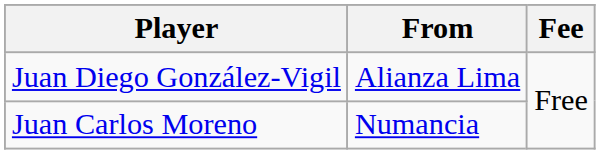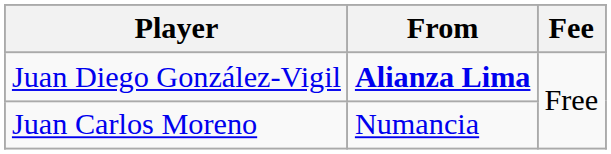 <table class="wikitable">
 <tr>
 <th>Player</th>
 <th>From</th>
 <th>Fee</th>
 </tr>
 <tr>
 <td> <a href='#'>Juan Diego González-Vigil</a></td>
-<td> <a href='#'>Alianza Lima</a></td>
+<td><strong> <a href='#'>Alianza Lima</a></strong></td>
 <td rowspan="2">Free</td>
 </tr>
 <tr>
 <td> <a href='#'>Juan Carlos Moreno</a></td>
 <td> <a href='#'>Numancia</a></td>
 </tr>
 </table>
